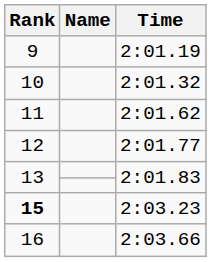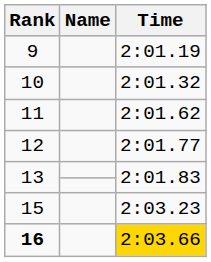 <table class="wikitable">
 <tr>
 <th>Rank</th>
 <th>Name</th>
 <th>Time</th>
 </tr>
 <tr>
 <td align="center">9</td>
 <td></td>
 <td align="center">2:01.19</td>
 </tr>
 <tr>
 <td align="center">10</td>
 <td></td>
 <td align="center">2:01.32</td>
 </tr>
 <tr>
 <td align="center">11</td>
 <td></td>
 <td align="center">2:01.62</td>
 </tr>
 <tr>
 <td align="center">12</td>
 <td></td>
 <td align="center">2:01.77</td>
 </tr>
 <tr>
 <td rowspan=2 align="center">13</td>
 <td></td>
 <td rowspan=2 align="center">2:01.83</td>
 </tr>
 <tr>
 <td></td>
 </tr>
 <tr>
-<td align="center"><strong>15</strong></td>
+<td align="center">15</td>
 <td></td>
 <td align="center">2:03.23</td>
 </tr>
 <tr>
-<td align="center">16</td>
+<td align="center"><strong>16</strong></td>
 <td></td>
-<td align="center">2:03.66</td>
+<td align="center" style="background: gold;">2:03.66</td>
 </tr>
 </table>
